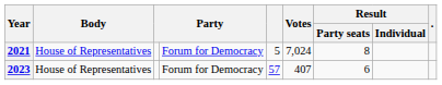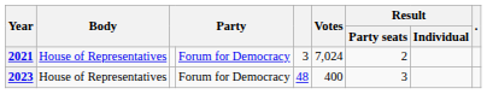 <table class="wikitable plainrowheaders sortable" border=2 cellpadding=4 cellspacing=0 style="border: 1px #aaa solid; font-size: 90%; text-align:center;">
 <tr>
 <th scope="col" rowspan=2>Year</th>
 <th scope="col" rowspan=2>Body</th>
 <th scope="col" colspan=2 rowspan=2>Party</th>
 <th scope="col" rowspan=2></th>
 <th scope="col" rowspan=2>Votes</th>
 <th scope="colgroup" colspan=2>Result</th>
 <th scope="col" rowspan=2 class="unsortable">.</th>
 </tr>
 <tr>
 <th scope="col">Party seats</th>
 <th scope="col">Individual</th>
 </tr>
 <tr>
 <th scope="row"><a href='#'>2021</a></th>
 <td><a href='#'>House of Representatives</a></td>
 <td style="background-color:"></td>
 <td><a href='#'>Forum for Democracy</a></td>
-<td style=text-align:right>5</td>
+<td style=text-align:right>3</td>
 <td style=text-align:right>7,024</td>
-<td style=text-align:right>8</td>
+<td style=text-align:right>2</td>
 <td></td>
 <td></td>
 </tr>
 <tr>
 <th scope="row"><a href='#'>2023</a></th>
 <td>House of Representatives</td>
 <td style="background-color:"></td>
 <td>Forum for Democracy</td>
-<td style=text-align:right><a href='#'>57</a></td>
-<td style=text-align:right>407</td>
-<td style=text-align:right>6</td>
+<td style=text-align:right><a href='#'>48</a></td>
+<td style=text-align:right>400</td>
+<td style=text-align:right>3</td>
 <td></td>
 <td></td>
 </tr>
 </table>
